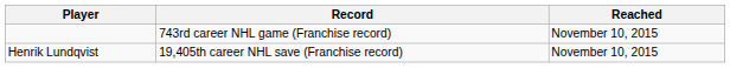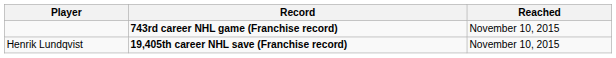 <table class="wikitable sortable" style="width:60%;">
 <tr align=center>
 <th>Player</th>
 <th>Record</th>
 <th>Reached</th>
 </tr>
 <tr>
 <td></td>
-<td>743rd career NHL game (Franchise record)</td>
+<td><strong>743rd career NHL game (Franchise record)</strong></td>
 <td>November 10, 2015</td>
 </tr>
 <tr>
 <td>Henrik Lundqvist</td>
-<td>19,405th career NHL save (Franchise record)</td>
+<td><strong>19,405th career NHL save (Franchise record)</strong></td>
 <td>November 10, 2015</td>
 </tr>
 </table>
